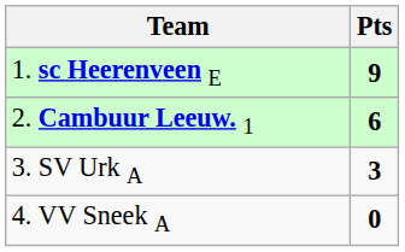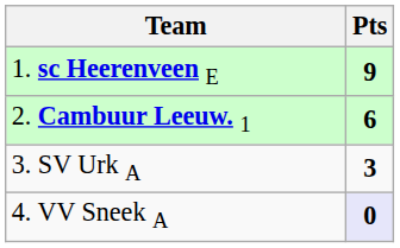 <table class="wikitable" style="text-align:center; float:left; margin-right:1em">
 <tr>
 <th style="width:200px">Team</th>
 <th width=20>Pts</th>
 </tr>
 <tr bgcolor=ccffcc>
 <td align=left>1. <strong><a href='#'>sc Heerenveen</a></strong> <sub>E</sub></td>
 <td><strong>9</strong></td>
 </tr>
 <tr bgcolor=ccffcc>
 <td align=left>2. <strong><a href='#'>Cambuur Leeuw.</a></strong> <sub>1</sub></td>
 <td><strong>6</strong></td>
 </tr>
 <tr>
 <td align=left>3. SV Urk <sub>A</sub></td>
 <td><strong>3</strong></td>
 </tr>
 <tr>
 <td align=left>4. VV Sneek <sub>A</sub></td>
-<td><strong>0</strong></td>
+<td style="background: lavender;"><strong>0</strong></td>
 </tr>
 </table>
